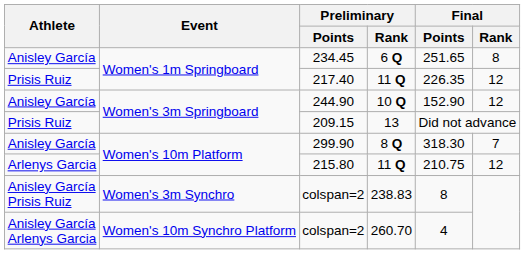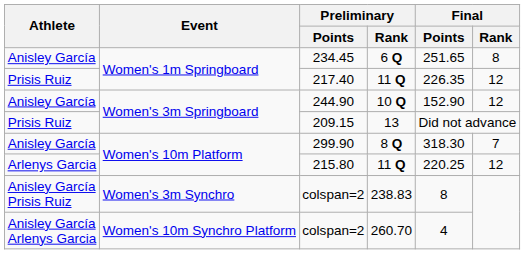 <table class=wikitable style="font-size:90%">
 <tr>
 <th rowspan="2">Athlete</th>
 <th rowspan="2">Event</th>
 <th colspan="2">Preliminary</th>
 <th colspan="2">Final</th>
 </tr>
 <tr>
 <th>Points</th>
 <th>Rank</th>
 <th>Points</th>
 <th>Rank</th>
 </tr>
 <tr align=center>
 <td align=left><a href='#'>Anisley García</a></td>
 <td rowspan="2" align=left><a href='#'>Women's 1m Springboard</a></td>
 <td>234.45</td>
 <td>6 <strong>Q</strong></td>
 <td>251.65</td>
 <td>8</td>
 </tr>
 <tr align=center>
 <td align=left><a href='#'>Prisis Ruiz</a></td>
 <td>217.40</td>
 <td>11 <strong>Q</strong></td>
 <td>226.35</td>
 <td>12</td>
 </tr>
 <tr align=center>
 <td align=left><a href='#'>Anisley García</a></td>
 <td rowspan="2" align=left><a href='#'>Women's 3m Springboard</a></td>
 <td>244.90</td>
 <td>10 <strong>Q</strong></td>
 <td>152.90</td>
 <td>12</td>
 </tr>
 <tr align=center>
 <td align=left><a href='#'>Prisis Ruiz</a></td>
 <td>209.15</td>
 <td>13</td>
 <td colspan=2>Did not advance</td>
 </tr>
 <tr align=center>
 <td align=left><a href='#'>Anisley García</a></td>
 <td rowspan="2" align=left><a href='#'>Women's 10m Platform</a></td>
 <td>299.90</td>
 <td>8 <strong>Q</strong></td>
 <td>318.30</td>
 <td>7</td>
 </tr>
 <tr align=center>
 <td align=left><a href='#'>Arlenys Garcia</a></td>
 <td>215.80</td>
 <td>11 <strong>Q</strong></td>
-<td>210.75</td>
+<td>220.25</td>
 <td>12</td>
 </tr>
 <tr align=center>
 <td align=left><a href='#'>Anisley García</a><br><a href='#'>Prisis Ruiz</a></td>
 <td align=left><a href='#'>Women's 3m Synchro</a></td>
 <td>colspan=2 </td>
 <td>238.83</td>
 <td>8</td>
 </tr>
 <tr align=center>
 <td align=left><a href='#'>Anisley García</a><br><a href='#'>Arlenys Garcia</a></td>
 <td align=left><a href='#'>Women's 10m Synchro Platform</a></td>
 <td>colspan=2 </td>
 <td>260.70</td>
 <td>4</td>
 </tr>
 </table>
